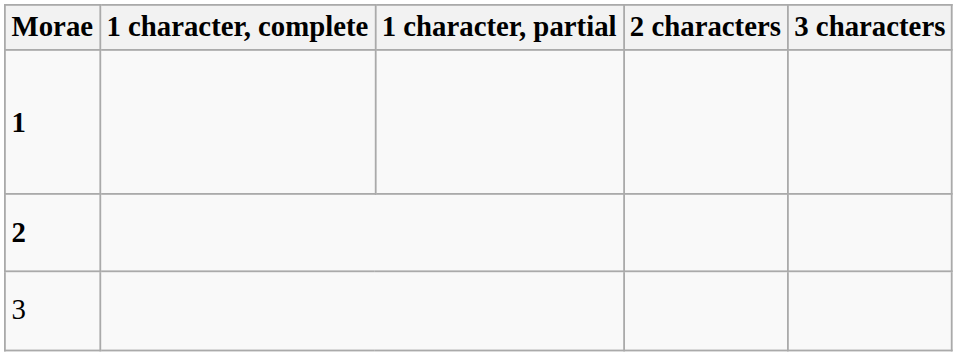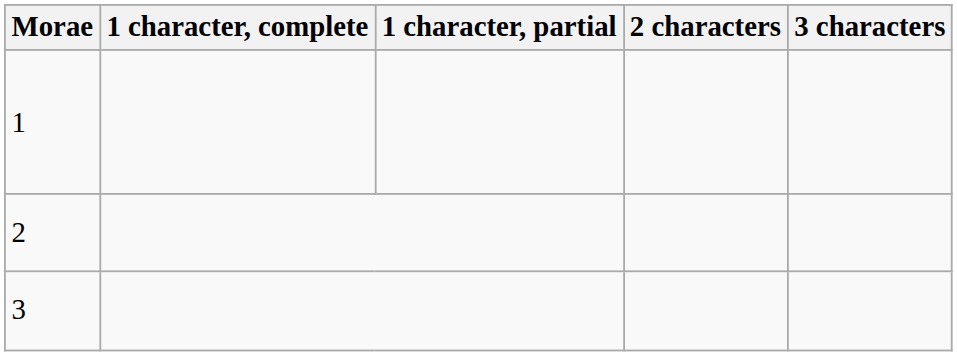 <table class="wikitable">
 <tr>
 <th>Morae</th>
 <th>1 character, complete</th>
 <th>1 character, partial</th>
 <th>2 characters</th>
 <th>3 characters</th>
 </tr>
 <tr>
-<td><strong>1</strong></td>
+<td>1</td>
 <td><br><br></td>
 <td><br><br></td>
 <td><br><br> <br><br></td>
 <td></td>
 </tr>
 <tr>
-<td><strong>2</strong></td>
+<td>2</td>
 <td colspan=2><br><br></td>
 <td></td>
 <td><br></td>
 </tr>
 <tr>
 <td>3</td>
 <td colspan=2><br><br></td>
 <td></td>
 <td></td>
 </tr>
 </table>
